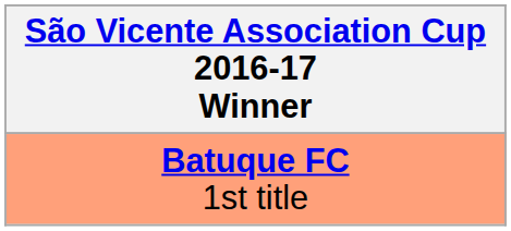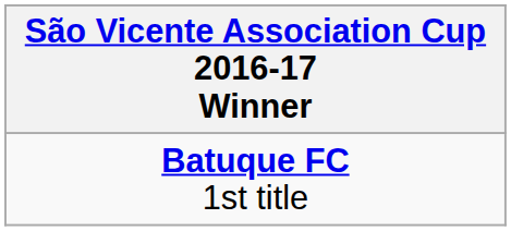 <table class="wikitable" style="margin: 0 auto; width: 240px;">
 <tr>
 <th><a href='#'>São Vicente Association Cup</a> 2016-17<br>Winner</th>
 </tr>
 <tr>
-<td align=center style="background: lightsalmon;"><strong><a href='#'>Batuque FC</a></strong><br>1st title</td>
+<td align=center><strong><a href='#'>Batuque FC</a></strong><br>1st title</td>
 </tr>
 </table>
